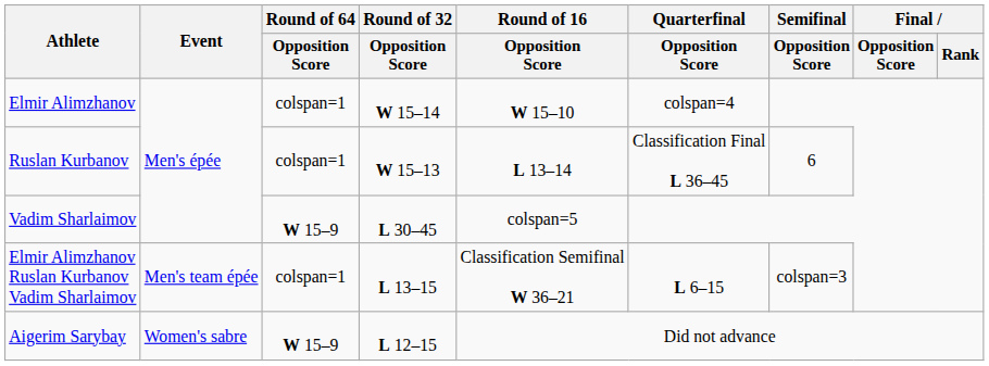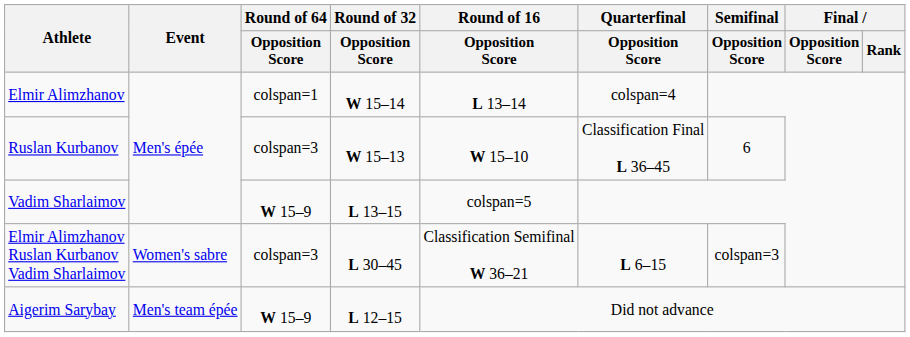 <table class="wikitable" style="font-size:90%">
 <tr>
 <th rowspan="2">Athlete</th>
 <th rowspan="2">Event</th>
 <th>Round of 64</th>
 <th>Round of 32</th>
 <th>Round of 16</th>
 <th>Quarterfinal</th>
 <th>Semifinal</th>
 <th colspan=2>Final / </th>
 </tr>
 <tr style="font-size:95%">
 <th>Opposition <br> Score</th>
 <th>Opposition <br> Score</th>
 <th>Opposition <br> Score</th>
 <th>Opposition <br> Score</th>
 <th>Opposition <br> Score</th>
 <th>Opposition <br> Score</th>
 <th>Rank</th>
 </tr>
 <tr align=center>
 <td align=left><a href='#'>Elmir Alimzhanov</a></td>
 <td align=left rowspan=3><a href='#'>Men's épée</a></td>
 <td>colspan=1 </td>
 <td><br> <strong>W</strong> 15–14</td>
-<td><br> <strong>W</strong> 15–10</td>
+<td><br> <strong>L</strong> 13–14</td>
 <td>colspan=4 </td>
 </tr>
 <tr align=center>
 <td align=left><a href='#'>Ruslan Kurbanov</a></td>
-<td>colspan=1 </td>
+<td>colspan=3 </td>
 <td><br> <strong>W</strong> 15–13</td>
-<td><br> <strong>L</strong> 13–14</td>
+<td><br> <strong>W</strong> 15–10</td>
 <td>Classification Final<br><br> <strong>L</strong> 36–45</td>
 <td>6</td>
 </tr>
 <tr align=center>
 <td align=left><a href='#'>Vadim Sharlaimov</a></td>
 <td><br> <strong>W</strong> 15–9</td>
-<td><br> <strong>L</strong> 30–45</td>
+<td><br> <strong>L</strong> 13–15</td>
 <td>colspan=5 </td>
 </tr>
 <tr align=center>
 <td align=left><a href='#'>Elmir Alimzhanov</a><br><a href='#'>Ruslan Kurbanov</a><br><a href='#'>Vadim Sharlaimov</a></td>
-<td align=left><a href='#'>Men's team épée</a></td>
-<td>colspan=1 </td>
-<td><br> <strong>L</strong> 13–15</td>
+<td align=left><a href='#'>Women's sabre</a></td>
+<td>colspan=3 </td>
+<td><br> <strong>L</strong> 30–45</td>
 <td>Classification Semifinal<br><br> <strong>W</strong> 36–21</td>
 <td><br> <strong>L</strong> 6–15</td>
 <td>colspan=3 </td>
 </tr>
 <tr align=center>
 <td align=left><a href='#'>Aigerim Sarybay</a></td>
-<td align=left><a href='#'>Women's sabre</a></td>
+<td align=left><a href='#'>Men's team épée</a></td>
 <td><br> <strong>W</strong> 15–9</td>
 <td><br> <strong>L</strong> 12–15</td>
 <td colspan="5" align="center">Did not advance</td>
 </tr>
 </table>
